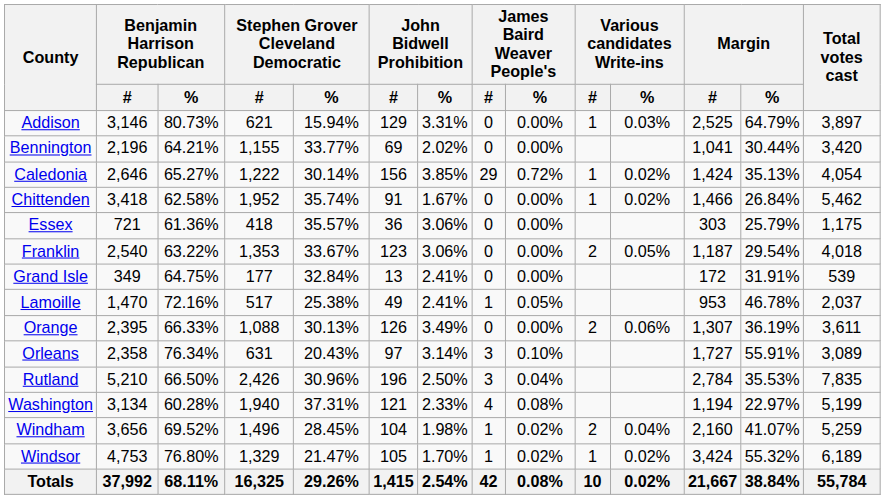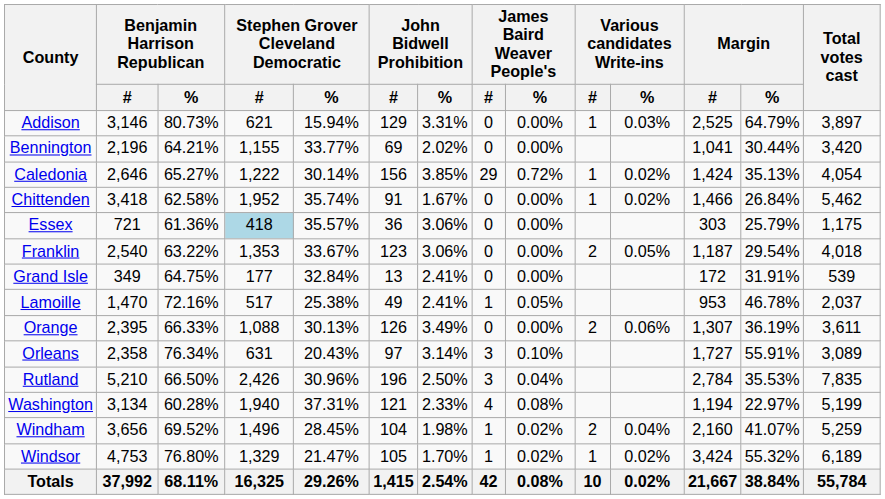 <table class="wikitable sortable">
 <tr>
 <th rowspan="2">County</th>
 <th colspan="2">Benjamin Harrison<br>Republican</th>
 <th colspan="2">Stephen Grover Cleveland<br>Democratic</th>
 <th colspan="2">John Bidwell<br>Prohibition</th>
 <th colspan="2">James Baird Weaver<br>People's</th>
 <th colspan="2">Various candidates<br>Write-ins</th>
 <th colspan="2">Margin</th>
 <th rowspan="2" data-sort-type="number">Total votes cast</th>
 </tr>
 <tr>
 <th data-sort-type="number">#</th>
 <th data-sort-type="number">%</th>
 <th data-sort-type="number">#</th>
 <th data-sort-type="number">%</th>
 <th data-sort-type="number">#</th>
 <th data-sort-type="number">%</th>
 <th data-sort-type="number">#</th>
 <th data-sort-type="number">%</th>
 <th data-sort-type="number">#</th>
 <th data-sort-type="number">%</th>
 <th data-sort-type="number">#</th>
 <th data-sort-type="number">%</th>
 </tr>
 <tr style="text-align:center;">
 <td><a href='#'>Addison</a></td>
 <td>3,146</td>
 <td>80.73%</td>
 <td>621</td>
 <td>15.94%</td>
 <td>129</td>
 <td>3.31%</td>
 <td>0</td>
 <td>0.00%</td>
 <td>1</td>
 <td>0.03%</td>
 <td>2,525</td>
 <td>64.79%</td>
 <td>3,897</td>
 </tr>
 <tr style="text-align:center;">
 <td><a href='#'>Bennington</a></td>
 <td>2,196</td>
 <td>64.21%</td>
 <td>1,155</td>
 <td>33.77%</td>
 <td>69</td>
 <td>2.02%</td>
 <td>0</td>
 <td>0.00%</td>
 <td></td>
 <td></td>
 <td>1,041</td>
 <td>30.44%</td>
 <td>3,420</td>
 </tr>
 <tr style="text-align:center;">
 <td><a href='#'>Caledonia</a></td>
 <td>2,646</td>
 <td>65.27%</td>
 <td>1,222</td>
 <td>30.14%</td>
 <td>156</td>
 <td>3.85%</td>
 <td>29</td>
 <td>0.72%</td>
 <td>1</td>
 <td>0.02%</td>
 <td>1,424</td>
 <td>35.13%</td>
 <td>4,054</td>
 </tr>
 <tr style="text-align:center;">
 <td><a href='#'>Chittenden</a></td>
 <td>3,418</td>
 <td>62.58%</td>
 <td>1,952</td>
 <td>35.74%</td>
 <td>91</td>
 <td>1.67%</td>
 <td>0</td>
 <td>0.00%</td>
 <td>1</td>
 <td>0.02%</td>
 <td>1,466</td>
 <td>26.84%</td>
 <td>5,462</td>
 </tr>
 <tr style="text-align:center;">
 <td><a href='#'>Essex</a></td>
 <td>721</td>
 <td>61.36%</td>
-<td>418</td>
+<td style="background: lightblue;">418</td>
 <td>35.57%</td>
 <td>36</td>
 <td>3.06%</td>
 <td>0</td>
 <td>0.00%</td>
 <td></td>
 <td></td>
 <td>303</td>
 <td>25.79%</td>
 <td>1,175</td>
 </tr>
 <tr style="text-align:center;">
 <td><a href='#'>Franklin</a></td>
 <td>2,540</td>
 <td>63.22%</td>
 <td>1,353</td>
 <td>33.67%</td>
 <td>123</td>
 <td>3.06%</td>
 <td>0</td>
 <td>0.00%</td>
 <td>2</td>
 <td>0.05%</td>
 <td>1,187</td>
 <td>29.54%</td>
 <td>4,018</td>
 </tr>
 <tr style="text-align:center;">
 <td><a href='#'>Grand Isle</a></td>
 <td>349</td>
 <td>64.75%</td>
 <td>177</td>
 <td>32.84%</td>
 <td>13</td>
 <td>2.41%</td>
 <td>0</td>
 <td>0.00%</td>
 <td></td>
 <td></td>
 <td>172</td>
 <td>31.91%</td>
 <td>539</td>
 </tr>
 <tr style="text-align:center;">
 <td><a href='#'>Lamoille</a></td>
 <td>1,470</td>
 <td>72.16%</td>
 <td>517</td>
 <td>25.38%</td>
 <td>49</td>
 <td>2.41%</td>
 <td>1</td>
 <td>0.05%</td>
 <td></td>
 <td></td>
 <td>953</td>
 <td>46.78%</td>
 <td>2,037</td>
 </tr>
 <tr style="text-align:center;">
 <td><a href='#'>Orange</a></td>
 <td>2,395</td>
 <td>66.33%</td>
 <td>1,088</td>
 <td>30.13%</td>
 <td>126</td>
 <td>3.49%</td>
 <td>0</td>
 <td>0.00%</td>
 <td>2</td>
 <td>0.06%</td>
 <td>1,307</td>
 <td>36.19%</td>
 <td>3,611</td>
 </tr>
 <tr style="text-align:center;">
 <td><a href='#'>Orleans</a></td>
 <td>2,358</td>
 <td>76.34%</td>
 <td>631</td>
 <td>20.43%</td>
 <td>97</td>
 <td>3.14%</td>
 <td>3</td>
 <td>0.10%</td>
 <td></td>
 <td></td>
 <td>1,727</td>
 <td>55.91%</td>
 <td>3,089</td>
 </tr>
 <tr style="text-align:center;">
 <td><a href='#'>Rutland</a></td>
 <td>5,210</td>
 <td>66.50%</td>
 <td>2,426</td>
 <td>30.96%</td>
 <td>196</td>
 <td>2.50%</td>
 <td>3</td>
 <td>0.04%</td>
 <td></td>
 <td></td>
 <td>2,784</td>
 <td>35.53%</td>
 <td>7,835</td>
 </tr>
 <tr style="text-align:center;">
 <td><a href='#'>Washington</a></td>
 <td>3,134</td>
 <td>60.28%</td>
 <td>1,940</td>
 <td>37.31%</td>
 <td>121</td>
 <td>2.33%</td>
 <td>4</td>
 <td>0.08%</td>
 <td></td>
 <td></td>
 <td>1,194</td>
 <td>22.97%</td>
 <td>5,199</td>
 </tr>
 <tr style="text-align:center;">
 <td><a href='#'>Windham</a></td>
 <td>3,656</td>
 <td>69.52%</td>
 <td>1,496</td>
 <td>28.45%</td>
 <td>104</td>
 <td>1.98%</td>
 <td>1</td>
 <td>0.02%</td>
 <td>2</td>
 <td>0.04%</td>
 <td>2,160</td>
 <td>41.07%</td>
 <td>5,259</td>
 </tr>
 <tr style="text-align:center;">
 <td><a href='#'>Windsor</a></td>
 <td>4,753</td>
 <td>76.80%</td>
 <td>1,329</td>
 <td>21.47%</td>
 <td>105</td>
 <td>1.70%</td>
 <td>1</td>
 <td>0.02%</td>
 <td>1</td>
 <td>0.02%</td>
 <td>3,424</td>
 <td>55.32%</td>
 <td>6,189</td>
 </tr>
 <tr style="text-align:center;">
 <th>Totals</th>
 <th>37,992</th>
 <th>68.11%</th>
 <th>16,325</th>
 <th>29.26%</th>
 <th>1,415</th>
 <th>2.54%</th>
 <th>42</th>
 <th>0.08%</th>
 <th>10</th>
 <th>0.02%</th>
 <th>21,667</th>
 <th>38.84%</th>
 <th>55,784</th>
 </tr>
 </table>
